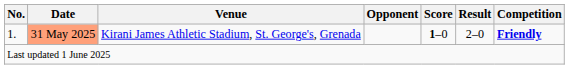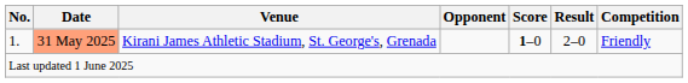 <table class="wikitable" style="font-size:85%;">
 <tr>
 <th>No.</th>
 <th>Date</th>
 <th>Venue</th>
 <th>Opponent</th>
 <th>Score</th>
 <th>Result</th>
 <th>Competition</th>
 </tr>
 <tr>
 <td>1.</td>
 <td style="background: lightsalmon;">31 May 2025</td>
 <td><a href='#'>Kirani James Athletic Stadium</a>, <a href='#'>St. George's</a>, <a href='#'>Grenada</a></td>
 <td></td>
 <td align=center><strong>1</strong>–0</td>
 <td align=center>2–0</td>
-<td><strong><a href='#'>Friendly</a></strong></td>
+<td><a href='#'>Friendly</a></td>
 </tr>
 <tr>
 <td colspan="7"><small>Last updated 1 June 2025</small></td>
 </tr>
 </table>
